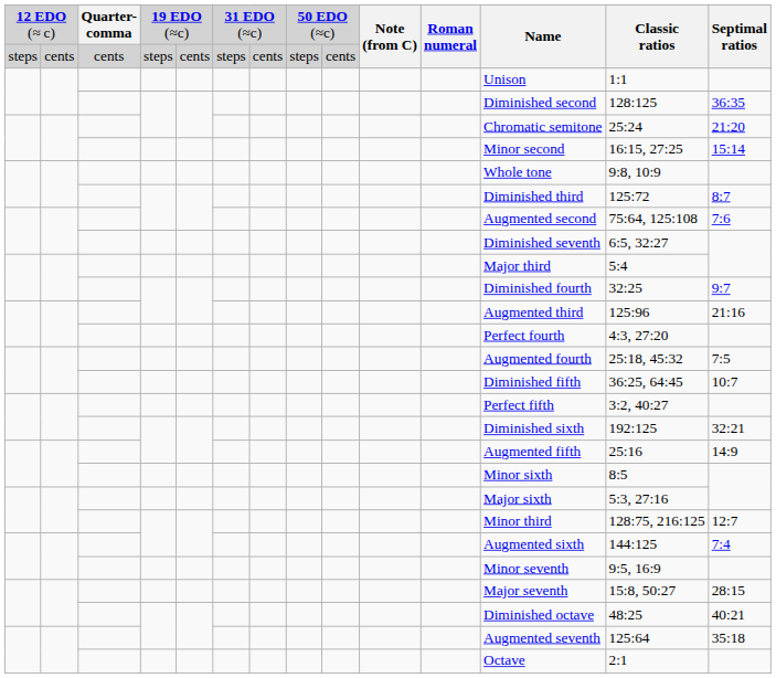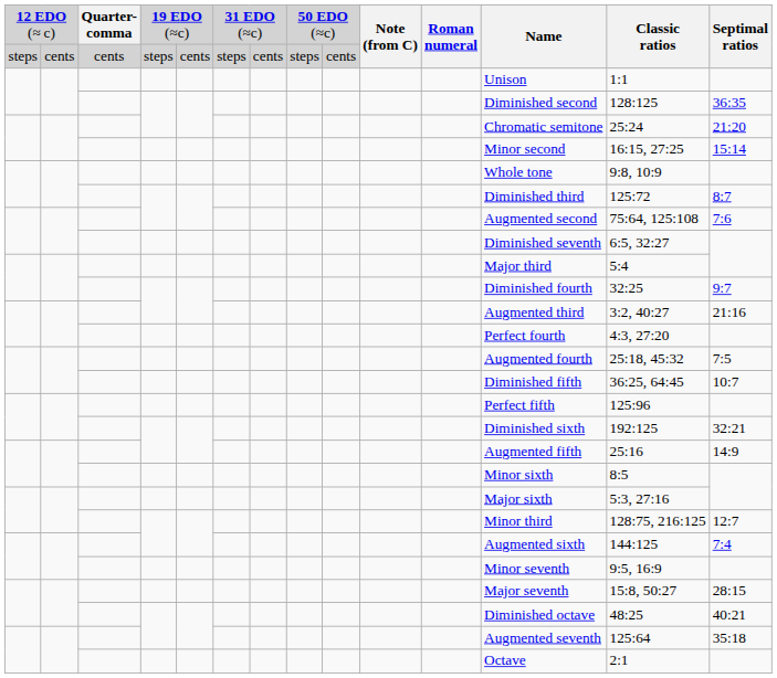 <table class="wikitable">
 <tr style="text-align:center;background:lightgrey;">
 <td colspan=2><a href='#'><strong>12 EDO</strong></a><br>(≈ c)</td>
 <th>Quarter-<br>comma</th>
 <td colspan=2><a href='#'><strong>19 EDO</strong></a><br>(≈c)</td>
 <td colspan=2><a href='#'><strong>31 EDO</strong></a><br>(≈c)</td>
 <td colspan=2><a href='#'><strong>50 EDO</strong></a><br>(≈c)</td>
 <th rowspan=2>Note<br>(from C)</th>
 <th rowspan=2><a href='#'>Roman<br>numeral</a></th>
 <th rowspan=2>Name</th>
 <th rowspan=2>Classic<br>ratios</th>
 <th rowspan=2>Septimal<br>ratios</th>
 </tr>
 <tr style="text-align:center;background:lightgrey;">
 <td>steps</td>
 <td>cents</td>
 <td>cents</td>
 <td>steps</td>
 <td>cents</td>
 <td>steps</td>
 <td>cents</td>
 <td>steps</td>
 <td>cents</td>
 </tr>
 <tr>
 <td rowspan=2></td>
 <td rowspan=2></td>
 <td></td>
 <td></td>
 <td></td>
 <td></td>
 <td></td>
 <td></td>
 <td></td>
 <td></td>
 <td></td>
 <td><a href='#'>Unison</a></td>
 <td>1:1</td>
 </tr>
 <tr>
 <td></td>
 <td rowspan=2></td>
 <td rowspan=2></td>
 <td></td>
 <td></td>
 <td></td>
 <td></td>
 <td></td>
 <td></td>
 <td><a href='#'>Diminished second</a></td>
 <td>128:125</td>
 <td><a href='#'>36:35</a></td>
 </tr>
 <tr>
 <td rowspan=2></td>
 <td rowspan=2></td>
 <td></td>
 <td></td>
 <td></td>
 <td></td>
 <td></td>
 <td></td>
 <td></td>
 <td><a href='#'>Chromatic semitone</a></td>
 <td>25:24</td>
 <td><a href='#'>21:20</a></td>
 </tr>
 <tr>
 <td></td>
 <td></td>
 <td></td>
 <td></td>
 <td></td>
 <td></td>
 <td></td>
 <td></td>
 <td></td>
 <td><a href='#'>Minor second</a></td>
 <td>16:15, 27:25</td>
 <td><a href='#'>15:14</a></td>
 </tr>
 <tr>
 <td rowspan=2></td>
 <td rowspan=2></td>
 <td></td>
 <td></td>
 <td></td>
 <td></td>
 <td></td>
 <td></td>
 <td></td>
 <td></td>
 <td></td>
 <td><a href='#'>Whole tone</a></td>
 <td>9:8, 10:9</td>
 </tr>
 <tr>
 <td></td>
 <td rowspan=2></td>
 <td rowspan=2></td>
 <td></td>
 <td></td>
 <td></td>
 <td></td>
 <td></td>
 <td></td>
 <td><a href='#'>Diminished third</a></td>
 <td>125:72</td>
 <td><a href='#'>8:7</a></td>
 </tr>
 <tr>
 <td rowspan=2></td>
 <td rowspan=2></td>
 <td></td>
 <td></td>
 <td></td>
 <td></td>
 <td></td>
 <td></td>
 <td></td>
 <td><a href='#'>Augmented second</a></td>
 <td>75:64, 125:108</td>
 <td><a href='#'>7:6</a></td>
 </tr>
 <tr>
 <td></td>
 <td></td>
 <td></td>
 <td></td>
 <td></td>
 <td></td>
 <td></td>
 <td></td>
 <td></td>
 <td><a href='#'>Diminished seventh</a></td>
 <td>6:5, 32:27</td>
 </tr>
 <tr>
 <td rowspan=2></td>
 <td rowspan=2></td>
 <td></td>
 <td></td>
 <td></td>
 <td></td>
 <td></td>
 <td></td>
 <td></td>
 <td></td>
 <td></td>
 <td><a href='#'>Major third</a></td>
 <td>5:4</td>
 </tr>
 <tr>
 <td></td>
 <td rowspan=2></td>
 <td rowspan=2></td>
 <td></td>
 <td></td>
 <td></td>
 <td></td>
 <td></td>
 <td></td>
 <td><a href='#'>Diminished fourth</a></td>
 <td>32:25</td>
 <td><a href='#'>9:7</a></td>
 </tr>
 <tr>
 <td rowspan=2></td>
 <td rowspan=2></td>
 <td></td>
 <td></td>
 <td></td>
 <td></td>
 <td></td>
 <td></td>
 <td></td>
 <td><a href='#'>Augmented third</a></td>
-<td>125:96</td>
+<td>3:2, 40:27</td>
 <td>21:16</td>
 </tr>
 <tr>
 <td></td>
 <td></td>
 <td></td>
 <td></td>
 <td></td>
 <td></td>
 <td></td>
 <td></td>
 <td></td>
 <td><a href='#'>Perfect fourth</a></td>
 <td>4:3, 27:20</td>
 </tr>
 <tr>
 <td rowspan=2></td>
 <td rowspan=2></td>
 <td></td>
 <td></td>
 <td></td>
 <td></td>
 <td></td>
 <td></td>
 <td></td>
 <td></td>
 <td></td>
 <td><a href='#'>Augmented fourth</a></td>
 <td>25:18, 45:32</td>
 <td>7:5</td>
 </tr>
 <tr>
 <td></td>
 <td></td>
 <td></td>
 <td></td>
 <td></td>
 <td></td>
 <td></td>
 <td></td>
 <td></td>
 <td><a href='#'>Diminished fifth</a></td>
 <td>36:25, 64:45</td>
 <td>10:7</td>
 </tr>
 <tr>
 <td rowspan=2></td>
 <td rowspan=2></td>
 <td></td>
 <td></td>
 <td></td>
 <td></td>
 <td></td>
 <td></td>
 <td></td>
 <td></td>
 <td></td>
 <td><a href='#'>Perfect fifth</a></td>
-<td>3:2, 40:27</td>
+<td>125:96</td>
 </tr>
 <tr>
 <td></td>
 <td rowspan=2></td>
 <td rowspan=2></td>
 <td></td>
 <td></td>
 <td></td>
 <td></td>
 <td></td>
 <td></td>
 <td><a href='#'>Diminished sixth</a></td>
 <td>192:125</td>
 <td>32:21</td>
 </tr>
 <tr>
 <td rowspan=2></td>
 <td rowspan=2></td>
 <td></td>
 <td></td>
 <td></td>
 <td></td>
 <td></td>
 <td></td>
 <td></td>
 <td><a href='#'>Augmented fifth</a></td>
 <td>25:16</td>
 <td>14:9</td>
 </tr>
 <tr>
 <td></td>
 <td></td>
 <td></td>
 <td></td>
 <td></td>
 <td></td>
 <td></td>
 <td></td>
 <td></td>
 <td><a href='#'>Minor sixth</a></td>
 <td>8:5</td>
 </tr>
 <tr>
 <td rowspan=2></td>
 <td rowspan=2></td>
 <td></td>
 <td></td>
 <td></td>
 <td></td>
 <td></td>
 <td></td>
 <td></td>
 <td></td>
 <td></td>
 <td><a href='#'>Major sixth</a></td>
 <td>5:3, 27:16</td>
 </tr>
 <tr>
 <td></td>
 <td rowspan=2></td>
 <td rowspan=2></td>
 <td></td>
 <td></td>
 <td></td>
 <td></td>
 <td></td>
 <td></td>
 <td><a href='#'>Minor third</a></td>
 <td>128:75, 216:125</td>
 <td>12:7</td>
 </tr>
 <tr>
 <td rowspan=2></td>
 <td rowspan=2></td>
 <td></td>
 <td></td>
 <td></td>
 <td></td>
 <td></td>
 <td></td>
 <td></td>
 <td><a href='#'>Augmented sixth</a></td>
 <td>144:125</td>
 <td><a href='#'>7:4</a></td>
 </tr>
 <tr>
 <td></td>
 <td></td>
 <td></td>
 <td></td>
 <td></td>
 <td></td>
 <td></td>
 <td></td>
 <td></td>
 <td><a href='#'>Minor seventh</a></td>
 <td>9:5, 16:9</td>
 </tr>
 <tr>
 <td rowspan=2></td>
 <td rowspan=2></td>
 <td></td>
 <td></td>
 <td></td>
 <td></td>
 <td></td>
 <td></td>
 <td></td>
 <td></td>
 <td></td>
 <td><a href='#'>Major seventh</a></td>
 <td>15:8, 50:27</td>
 <td>28:15</td>
 </tr>
 <tr>
 <td></td>
 <td rowspan=2></td>
 <td rowspan=2></td>
 <td></td>
 <td></td>
 <td></td>
 <td></td>
 <td></td>
 <td></td>
 <td><a href='#'>Diminished octave</a></td>
 <td>48:25</td>
 <td>40:21</td>
 </tr>
 <tr>
 <td rowspan=2></td>
 <td rowspan=2></td>
 <td></td>
 <td></td>
 <td></td>
 <td></td>
 <td></td>
 <td></td>
 <td></td>
 <td><a href='#'>Augmented seventh</a></td>
 <td>125:64</td>
 <td>35:18</td>
 </tr>
 <tr>
 <td></td>
 <td></td>
 <td></td>
 <td></td>
 <td></td>
 <td></td>
 <td></td>
 <td></td>
 <td></td>
 <td><a href='#'>Octave</a></td>
 <td>2:1</td>
 </tr>
 </table>
